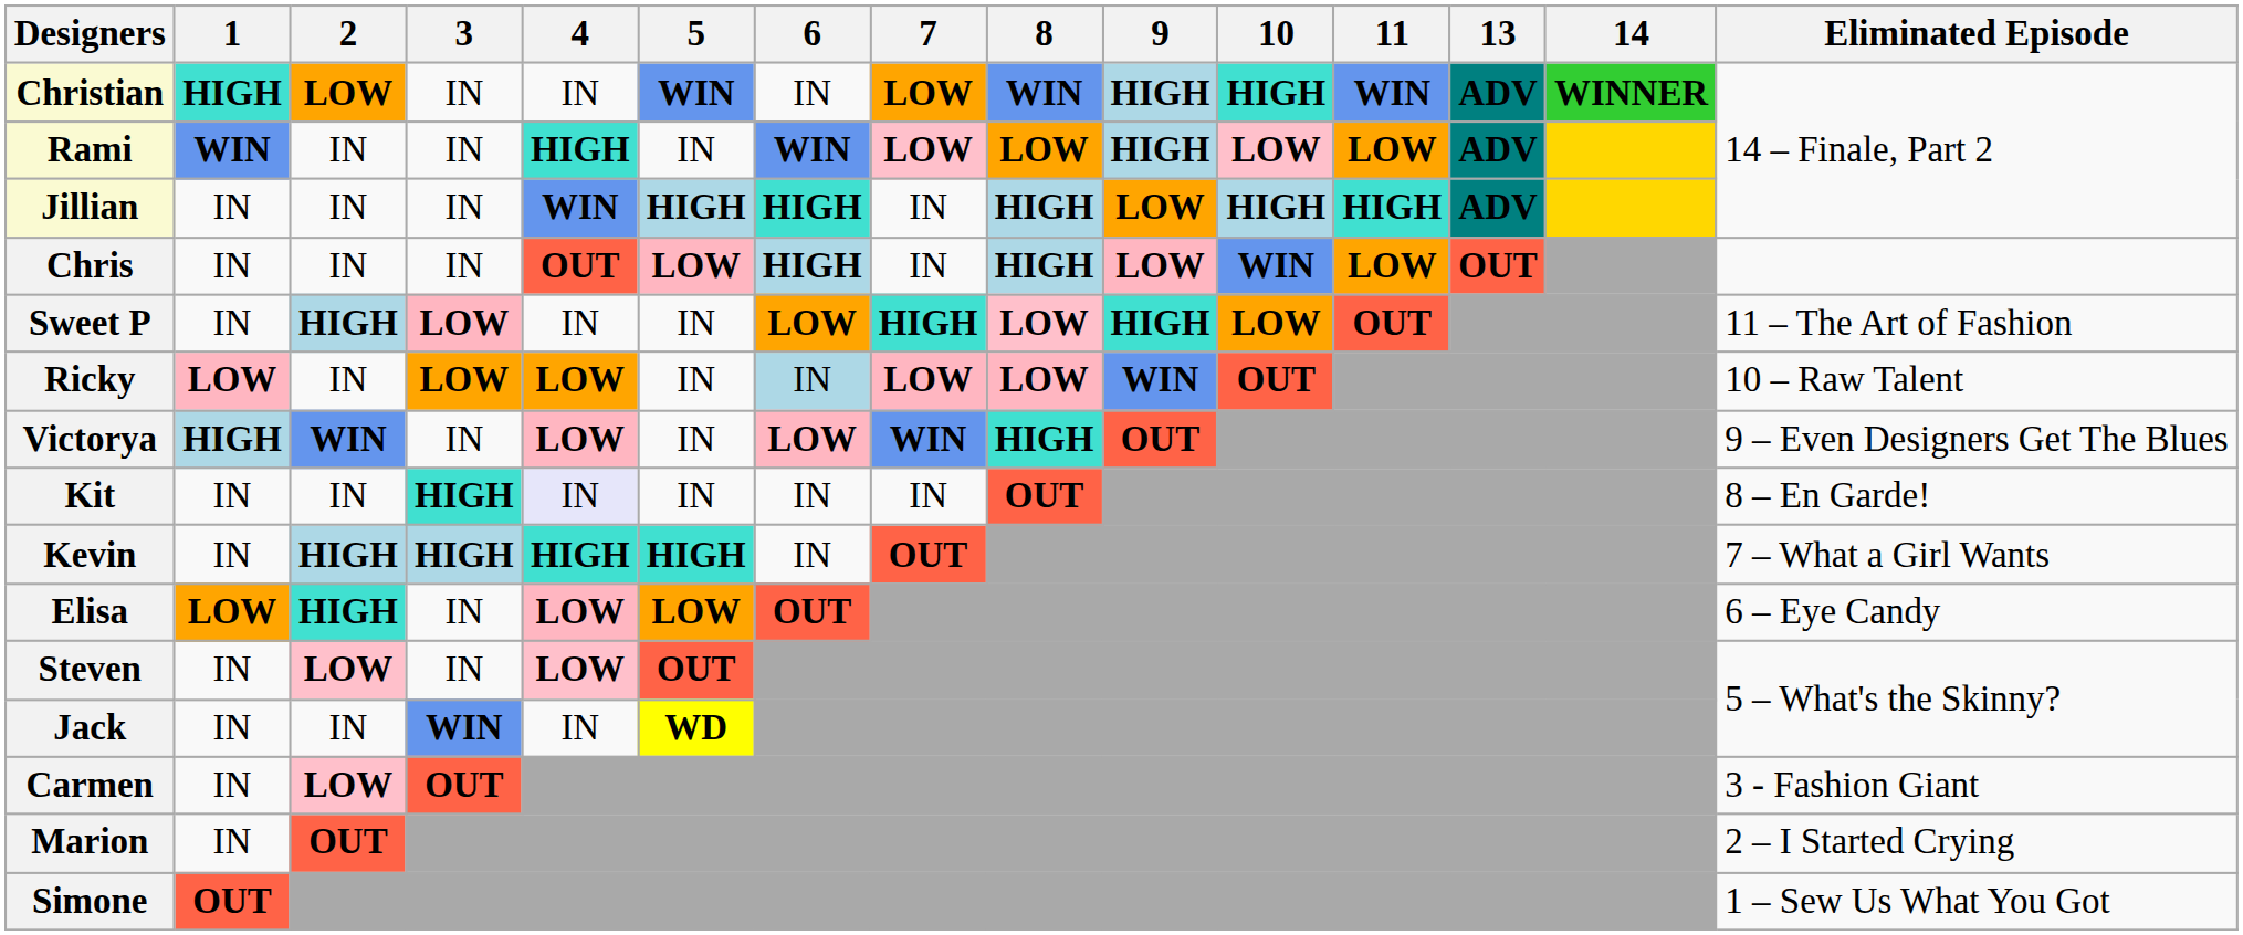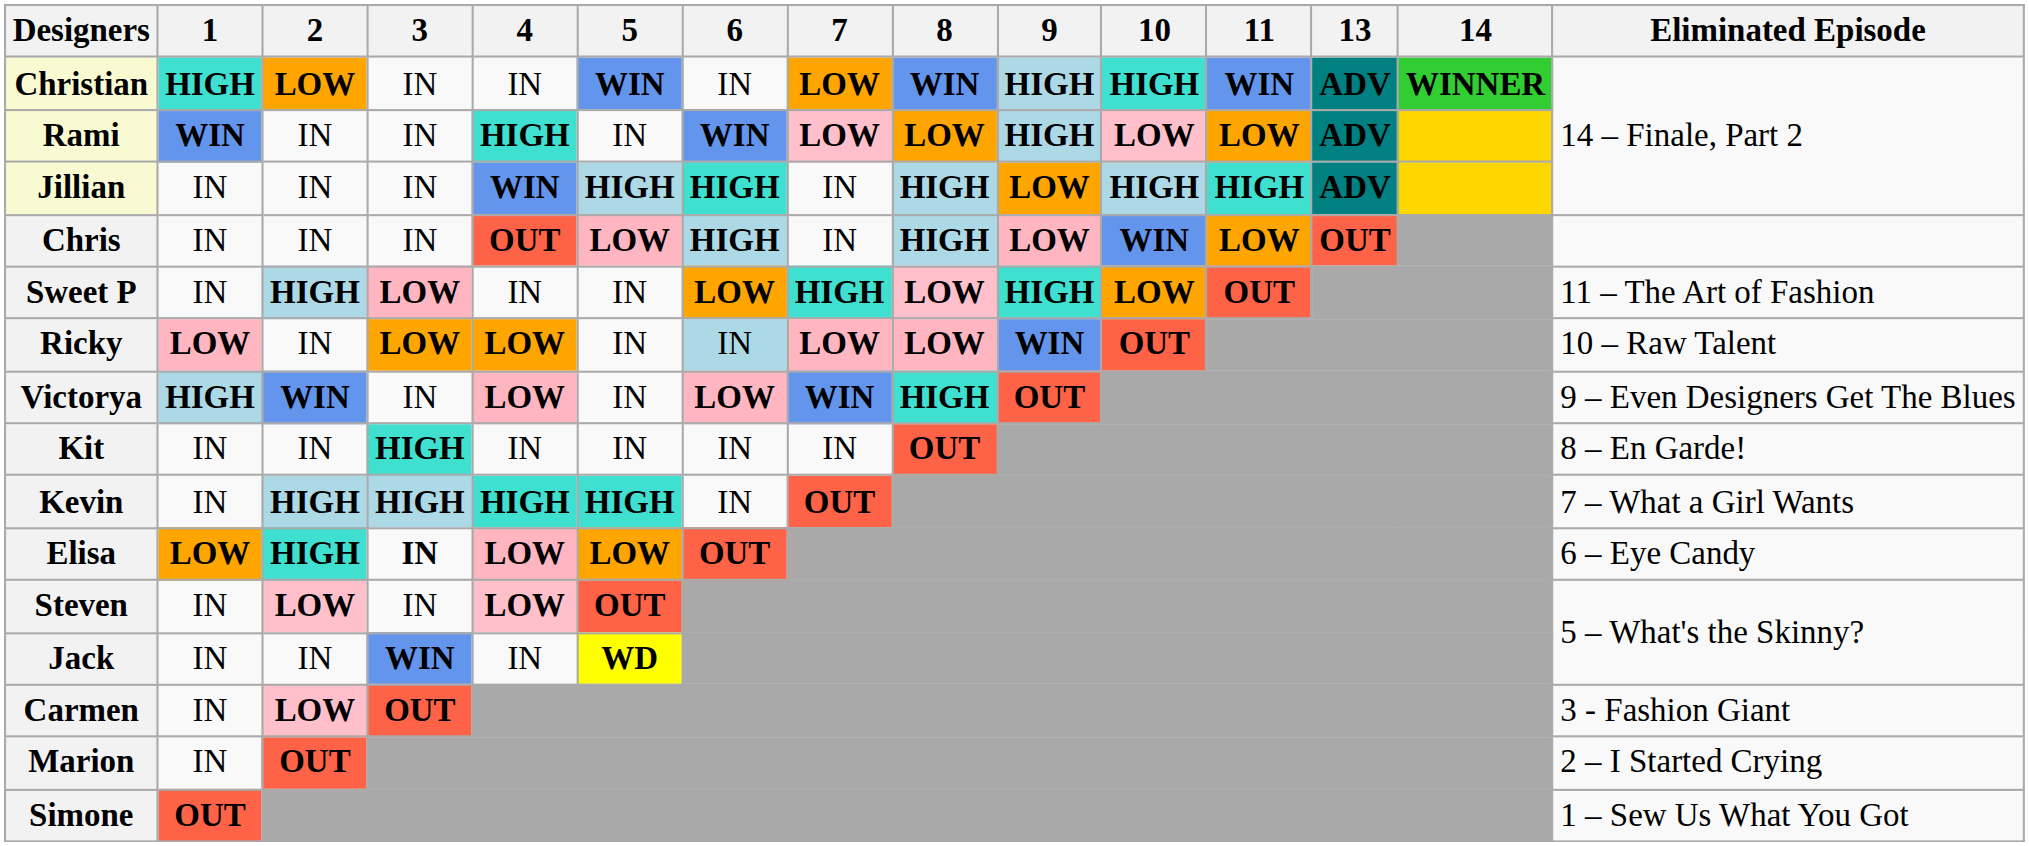 <table class="wikitable" style="text-align:center">
 <tr>
 <th>Designers</th>
 <th>1</th>
 <th>2</th>
 <th>3</th>
 <th>4</th>
 <th>5</th>
 <th>6</th>
 <th>7</th>
 <th>8</th>
 <th>9</th>
 <th>10</th>
 <th>11</th>
 <th>13</th>
 <th>14</th>
 <th>Eliminated Episode</th>
 </tr>
 <tr>
 <th style="background:#FAFAD2;">Christian</th>
 <td style="background:turquoise;"><strong>HIGH</strong></td>
 <td style="background:orange;"><strong>LOW</strong></td>
 <td>IN</td>
 <td>IN</td>
 <td style="background:cornflowerblue;"><strong>WIN</strong></td>
 <td>IN</td>
 <td style="background:orange;"><strong>LOW</strong></td>
 <td style="background:cornflowerblue;"><strong>WIN</strong></td>
 <td style="background:lightblue;"><strong>HIGH</strong></td>
 <td style="background:turquoise;"><strong>HIGH</strong></td>
 <td style="background:cornflowerblue;"><strong>WIN</strong></td>
 <td style="background:teal;"><strong>ADV</strong></td>
 <td style="background:limegreen;"><strong>WINNER</strong></td>
 <td rowspan="3" style="text-align:left">14 – Finale, Part 2</td>
 </tr>
 <tr>
 <th style="background:#FAFAD2;">Rami</th>
 <td style="background:cornflowerblue;"><strong>WIN</strong></td>
 <td>IN</td>
 <td>IN</td>
 <td style="background:turquoise;"><strong>HIGH</strong></td>
 <td>IN</td>
 <td style="background:cornflowerblue;"><strong>WIN</strong></td>
 <td style="background:pink;"><strong>LOW</strong></td>
 <td style="background:orange;"><strong>LOW</strong></td>
 <td style="background:lightblue;"><strong>HIGH</strong></td>
 <td style="background:pink;"><strong>LOW</strong></td>
 <td style="background:orange;"><strong>LOW</strong></td>
 <td style="background:teal;"><strong>ADV</strong></td>
 <td style="background:gold;"></td>
 </tr>
 <tr>
 <th style="background:#FAFAD2;">Jillian</th>
 <td>IN</td>
 <td>IN</td>
 <td>IN</td>
 <td style="background:cornflowerblue;"><strong>WIN</strong></td>
 <td style="background:lightblue;"><strong>HIGH</strong></td>
 <td style="background:turquoise;"><strong>HIGH</strong></td>
 <td>IN</td>
 <td style="background:lightblue;"><strong>HIGH</strong></td>
 <td style="background:orange;"><strong>LOW</strong></td>
 <td style="background:lightblue;"><strong>HIGH</strong></td>
 <td style="background:turquoise;"><strong>HIGH</strong></td>
 <td style="background:teal;"><strong>ADV</strong></td>
 <td style="background:gold;"></td>
 </tr>
 <tr>
 <th>Chris</th>
 <td>IN</td>
 <td>IN</td>
 <td>IN</td>
 <td style="background:tomato;"><strong>OUT</strong></td>
 <td style="background:lightpink;"><strong>LOW</strong></td>
 <td style="background:lightblue;"><strong>HIGH</strong></td>
 <td>IN</td>
 <td style="background:lightblue;"><strong>HIGH</strong></td>
 <td style="background:lightpink;"><strong>LOW</strong></td>
 <td style="background:cornflowerblue;"><strong>WIN</strong></td>
 <td style="background:orange;"><strong>LOW</strong></td>
 <td style="background:tomato;"><strong>OUT</strong></td>
 <td colspan=1 style="background:darkgray;"></td>
 <td align="left"></td>
 </tr>
 <tr>
 <th>Sweet P</th>
 <td>IN</td>
 <td style="background:lightblue;"><strong>HIGH</strong></td>
 <td style="background:lightpink;"><strong>LOW</strong></td>
 <td>IN</td>
 <td>IN</td>
 <td style="background:orange;"><strong>LOW</strong></td>
 <td style="background:turquoise;"><strong>HIGH</strong></td>
 <td style="background:pink;"><strong>LOW</strong></td>
 <td style="background:turquoise;"><strong>HIGH</strong></td>
 <td style="background:orange;"><strong>LOW</strong></td>
 <td style="background:tomato;"><strong>OUT</strong></td>
 <td colspan=2 style="background:darkgray;"></td>
 <td align="left">11 – The Art of Fashion</td>
 </tr>
 <tr>
 <th>Ricky</th>
 <td style="background:lightpink;"><strong>LOW</strong></td>
 <td>IN</td>
 <td style="background:orange;"><strong>LOW</strong></td>
 <td style="background:orange;"><strong>LOW</strong></td>
 <td>IN</td>
 <td style="background: lightblue;">IN</td>
 <td style="background:lightpink;"><strong>LOW</strong></td>
 <td style="background:lightpink;"><strong>LOW</strong></td>
 <td style="background:cornflowerblue;"><strong>WIN</strong></td>
 <td style="background:tomato;"><strong>OUT</strong></td>
 <td colspan=3 style="background:darkgray;"></td>
 <td align="left">10 – Raw Talent</td>
 </tr>
 <tr>
 <th>Victorya</th>
 <td style="background:lightblue;"><strong>HIGH</strong></td>
 <td style="background:cornflowerblue;"><strong>WIN</strong></td>
 <td>IN</td>
 <td style="background:lightpink;"><strong>LOW</strong></td>
 <td>IN</td>
 <td style="background:lightpink;"><strong>LOW</strong></td>
 <td style="background:cornflowerblue;"><strong>WIN</strong></td>
 <td style="background:turquoise;"><strong>HIGH</strong></td>
 <td style="background:tomato;"><strong>OUT</strong></td>
 <td colspan=4 style="background:darkgray;"></td>
 <td align="left">9 – Even Designers Get The Blues</td>
 </tr>
 <tr>
 <th>Kit</th>
 <td>IN</td>
 <td>IN</td>
 <td style="background:turquoise;"><strong>HIGH</strong></td>
-<td style="background: lavender;">IN</td>
+<td>IN</td>
 <td>IN</td>
 <td>IN</td>
 <td>IN</td>
 <td style="background:tomato;"><strong>OUT</strong></td>
 <td colspan=5 style="background:darkgray;"></td>
 <td align="left">8 – En Garde!</td>
 </tr>
 <tr>
 <th>Kevin</th>
 <td>IN</td>
 <td style="background:lightblue;"><strong>HIGH</strong></td>
 <td style="background:lightblue;"><strong>HIGH</strong></td>
 <td style="background:turquoise;"><strong>HIGH</strong></td>
 <td style="background:turquoise;"><strong>HIGH</strong></td>
 <td>IN</td>
 <td style="background:tomato;"><strong>OUT</strong></td>
 <td colspan=6 style="background:darkgray;"></td>
 <td align="left">7 – What a Girl Wants</td>
 </tr>
 <tr>
 <th>Elisa</th>
 <td style="background:orange;"><strong>LOW</strong></td>
 <td style="background:turquoise;"><strong>HIGH</strong></td>
-<td>IN</td>
+<td><strong>IN</strong></td>
 <td style="background:lightpink;"><strong>LOW</strong></td>
 <td style="background:orange;"><strong>LOW</strong></td>
 <td style="background:tomato;"><strong>OUT</strong></td>
 <td colspan=7 style="background:darkgray;"></td>
 <td align="left">6 – Eye Candy</td>
 </tr>
 <tr>
 <th>Steven</th>
 <td>IN</td>
 <td style="background:pink;"><strong>LOW</strong></td>
 <td>IN</td>
 <td style="background:pink;"><strong>LOW</strong></td>
 <td style="background:tomato;"><strong>OUT</strong></td>
 <td colspan=8 style="background:darkgray;"></td>
 <td rowspan="2" style="text-align:left">5 – What's the Skinny?</td>
 </tr>
 <tr>
 <th>Jack</th>
 <td>IN</td>
 <td>IN</td>
 <td style="background:cornflowerblue;"><strong>WIN</strong></td>
 <td>IN</td>
 <td style="background:yellow;"><strong>WD</strong></td>
 <td colspan=8 style="background:darkgray;"></td>
 </tr>
 <tr>
 <th>Carmen</th>
 <td>IN</td>
 <td style="background:pink;"><strong>LOW</strong></td>
 <td style="background:tomato;"><strong>OUT</strong></td>
 <td colspan=10 style="background:darkgray;"></td>
 <td align="left">3 - Fashion Giant</td>
 </tr>
 <tr>
 <th>Marion</th>
 <td>IN</td>
 <td style="background:tomato;"><strong>OUT</strong></td>
 <td colspan=11 style="background:darkgray;"></td>
 <td align="left">2 – I Started Crying</td>
 </tr>
 <tr>
 <th>Simone</th>
 <td style="background:tomato;"><strong>OUT</strong></td>
 <td colspan=12 style="background:darkgray;"></td>
 <td align="left">1 – Sew Us What You Got</td>
 </tr>
 </table>
